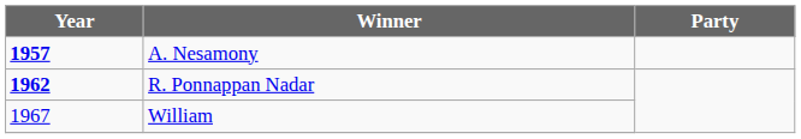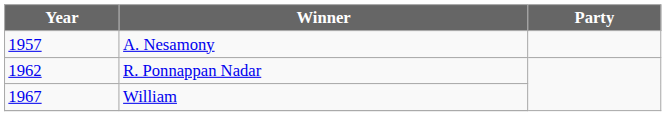 <table class="wikitable" width="50%">
 <tr>
 <th style="background-color:#666666; color:white">Year</th>
 <th style="background-color:#666666; color:white">Winner</th>
 <th style="background-color:#666666; color:white" colspan="2">Party</th>
 </tr>
 <tr>
-<td><strong><a href='#'>1957</a></strong></td>
+<td><a href='#'>1957</a></td>
 <td><a href='#'>A. Nesamony</a></td>
 <td></td>
 </tr>
 <tr>
-<td><strong><a href='#'>1962</a></strong></td>
+<td><a href='#'>1962</a></td>
 <td><a href='#'>R. Ponnappan Nadar</a></td>
 </tr>
 <tr>
 <td><a href='#'>1967</a></td>
 <td><a href='#'>William</a></td>
 </tr>
 <tr>
 </tr>
 </table>
